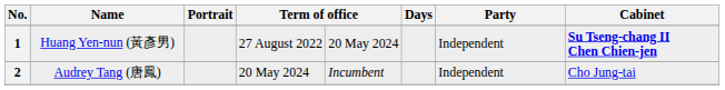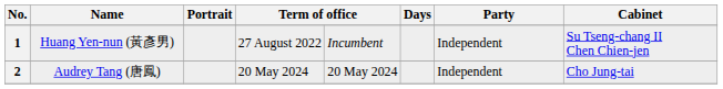 <table class="wikitable">
 <tr ->
 <th>No.</th>
 <th width="180">Name</th>
 <th>Portrait</th>
 <th colspan=2 width="180">Term of office</th>
 <th>Days</th>
 <th width="150">Party</th>
 <th width="180">Cabinet</th>
 </tr>
 <tr ->
 </tr>
 <tr - bgcolor=#EEEEEE>
 <th style="background:">1</th>
 <td align=center><a href='#'>Huang Yen-nun</a> (黃彥男)</td>
 <td></td>
 <td>27 August 2022</td>
-<td>20 May 2024</td>
+<td><em>Incumbent</em></td>
 <td></td>
 <td>Independent</td>
-<td><strong><a href='#'>Su Tseng-chang II</a><br><a href='#'>Chen Chien-jen</a></strong></td>
+<td><a href='#'>Su Tseng-chang II</a><br><a href='#'>Chen Chien-jen</a></td>
 </tr>
 <tr ->
 </tr>
 <tr ->
 </tr>
 <tr - bgcolor=#EEEEEE>
 <th style="background:">2</th>
 <td align=center><a href='#'>Audrey Tang</a> (唐鳳)</td>
 <td></td>
 <td>20 May 2024</td>
-<td><em>Incumbent</em></td>
+<td>20 May 2024</td>
 <td></td>
 <td>Independent</td>
 <td><a href='#'>Cho Jung-tai</a></td>
 </tr>
 <tr ->
 </tr>
 </table>
